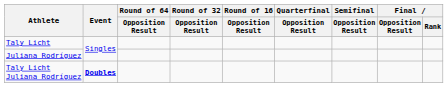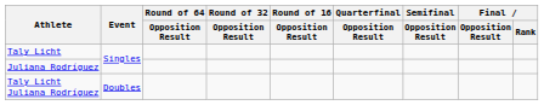 <table class=wikitable style=font-size:90%;text-align:center>
 <tr>
 <th rowspan=2>Athlete</th>
 <th rowspan=2>Event</th>
 <th>Round of 64</th>
 <th>Round of 32</th>
 <th>Round of 16</th>
 <th>Quarterfinal</th>
 <th>Semifinal</th>
 <th colspan=2>Final / </th>
 </tr>
 <tr style=font-size:95%>
 <th>Opposition<br>Result</th>
 <th>Opposition<br>Result</th>
 <th>Opposition<br>Result</th>
 <th>Opposition<br>Result</th>
 <th>Opposition<br>Result</th>
 <th>Opposition<br>Result</th>
 <th>Rank</th>
 </tr>
 <tr>
 <td align=left><a href='#'>Taly Licht</a></td>
 <td align=left rowspan=2><a href='#'>Singles</a></td>
 <td></td>
 <td></td>
 <td></td>
 <td></td>
 <td></td>
 <td></td>
 <td></td>
 </tr>
 <tr>
 <td align=left><a href='#'>Juliana Rodríguez</a></td>
 <td></td>
 <td></td>
 <td></td>
 <td></td>
 <td></td>
 <td></td>
 <td></td>
 </tr>
 <tr>
 <td align=left><a href='#'>Taly Licht</a><br><a href='#'>Juliana Rodríguez</a></td>
-<td align=left><strong><a href='#'>Doubles</a></strong></td>
+<td align=left><a href='#'>Doubles</a></td>
 <td></td>
 <td></td>
 <td align=center></td>
 <td align=center></td>
 <td align=center></td>
 <td></td>
 </tr>
 </table>
